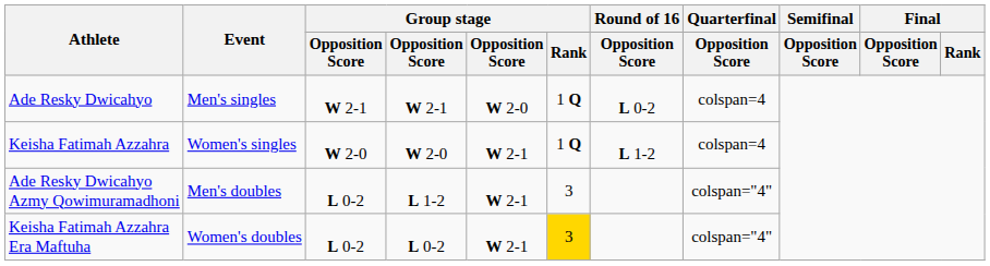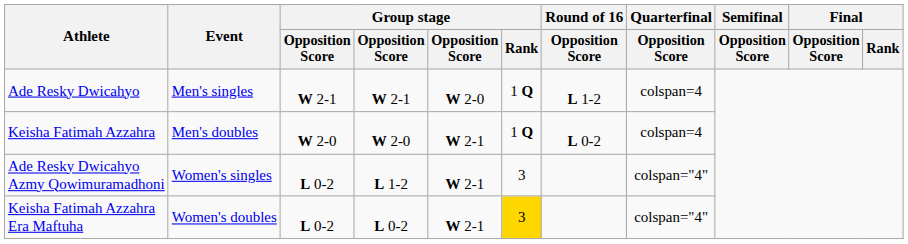 <table class=wikitable style="font-size:90%; text-align:center">
 <tr>
 <th rowspan="2">Athlete</th>
 <th rowspan="2">Event</th>
 <th colspan="4">Group stage</th>
 <th>Round of 16</th>
 <th>Quarterfinal</th>
 <th>Semifinal</th>
 <th colspan="2">Final</th>
 </tr>
 <tr style="font-size:95%">
 <th>Opposition<br>Score</th>
 <th>Opposition<br>Score</th>
 <th>Opposition<br>Score</th>
 <th>Rank</th>
 <th>Opposition<br>Score</th>
 <th>Opposition<br>Score</th>
 <th>Opposition<br>Score</th>
 <th>Opposition<br>Score</th>
 <th>Rank</th>
 </tr>
 <tr>
 <td align="left"><a href='#'>Ade Resky Dwicahyo</a></td>
 <td align="left"><a href='#'>Men's singles</a></td>
 <td><br><strong>W</strong> 2-1</td>
 <td><br><strong>W</strong> 2-1</td>
 <td><br><strong>W</strong> 2-0</td>
 <td>1 <strong>Q</strong></td>
+<td><br>  <strong>L</strong> 1-2</td>
+<td>colspan=4 </td>
+</tr>
+<tr>
+<td align="left"><a href='#'>Keisha Fatimah Azzahra</a></td>
+<td align="left"><a href='#'>Men's doubles</a></td>
+<td><br><strong>W</strong> 2-0</td>
+<td><br><strong>W</strong> 2-0</td>
+<td><br><strong>W</strong> 2-1</td>
+<td>1 <strong>Q</strong></td>
 <td><br><strong>L</strong> 0-2</td>
 <td>colspan=4 </td>
 </tr>
 <tr>
-<td align="left"><a href='#'>Keisha Fatimah Azzahra</a></td>
+<td align="left"><a href='#'>Ade Resky Dwicahyo</a><br><a href='#'>Azmy Qowimuramadhoni</a></td>
 <td align="left"><a href='#'>Women's singles</a></td>
-<td><br><strong>W</strong> 2-0</td>
-<td><br><strong>W</strong> 2-0</td>
-<td><br><strong>W</strong> 2-1</td>
-<td>1 <strong>Q</strong></td>
-<td><br>  <strong>L</strong> 1-2</td>
-<td>colspan=4 </td>
-</tr>
-<tr>
-<td align="left"><a href='#'>Ade Resky Dwicahyo</a><br><a href='#'>Azmy Qowimuramadhoni</a></td>
-<td align="left"><a href='#'>Men's doubles</a></td>
 <td><br><strong>L</strong> 0-2</td>
 <td><br><strong>L</strong> 1-2</td>
 <td><br><strong>W</strong> 2-1</td>
 <td>3</td>
 <td></td>
 <td>colspan="4" </td>
 </tr>
 <tr>
 <td align="left"><a href='#'>Keisha Fatimah Azzahra</a><br><a href='#'>Era Maftuha</a></td>
 <td align="left"><a href='#'>Women's doubles</a></td>
 <td><br><strong>L</strong> 0-2</td>
 <td><br><strong>L</strong> 0-2</td>
 <td><br><strong>W</strong> 2-1</td>
 <td style="background: gold;">3</td>
 <td></td>
 <td>colspan="4" </td>
 </tr>
 </table>
